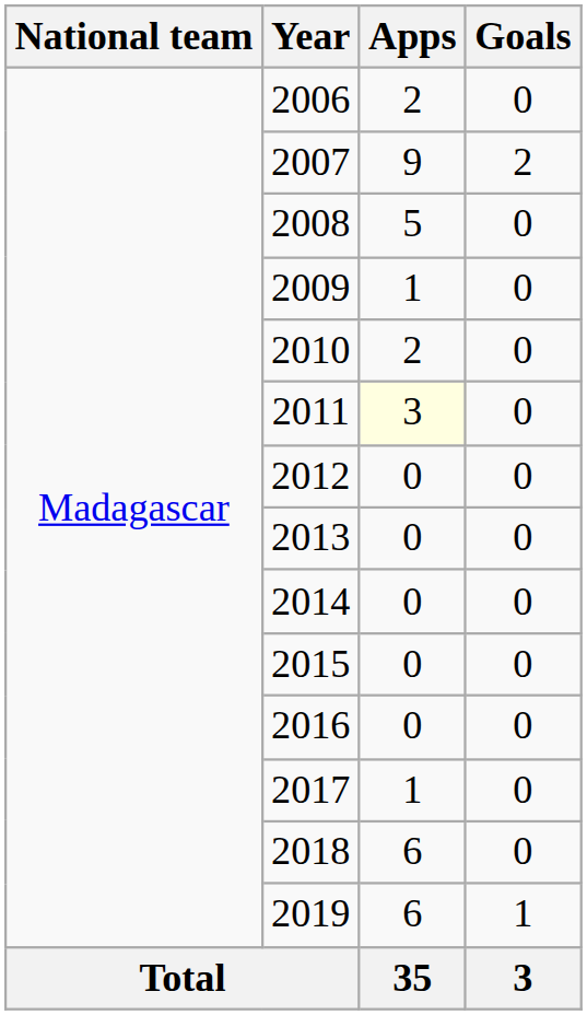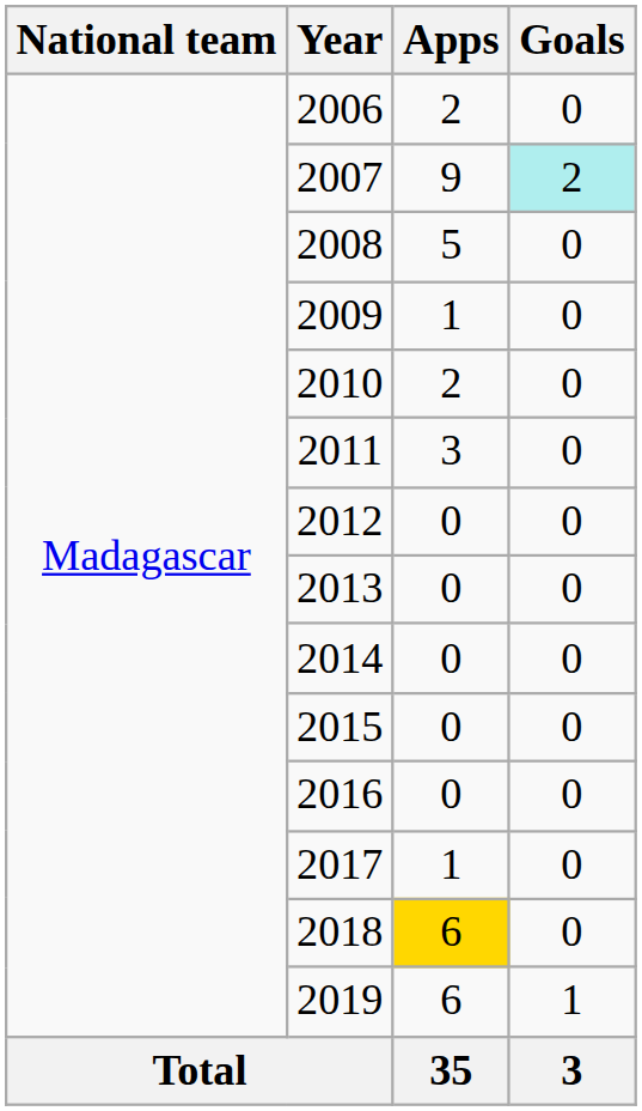 <table class="wikitable" style="text-align:center">
 <tr>
 <th>National team</th>
 <th>Year</th>
 <th>Apps</th>
 <th>Goals</th>
 </tr>
 <tr>
 <td rowspan="14"><a href='#'>Madagascar</a></td>
 <td>2006</td>
 <td>2</td>
 <td>0</td>
 </tr>
 <tr>
 <td>2007</td>
 <td>9</td>
-<td>2</td>
+<td style="background: paleturquoise;">2</td>
 </tr>
 <tr>
 <td>2008</td>
 <td>5</td>
 <td>0</td>
 </tr>
 <tr>
 <td>2009</td>
 <td>1</td>
 <td>0</td>
 </tr>
 <tr>
 <td>2010</td>
 <td>2</td>
 <td>0</td>
 </tr>
 <tr>
 <td>2011</td>
-<td style="background: lightyellow;">3</td>
+<td>3</td>
 <td>0</td>
 </tr>
 <tr>
 <td>2012</td>
 <td>0</td>
 <td>0</td>
 </tr>
 <tr>
 <td>2013</td>
 <td>0</td>
 <td>0</td>
 </tr>
 <tr>
 <td>2014</td>
 <td>0</td>
 <td>0</td>
 </tr>
 <tr>
 <td>2015</td>
 <td>0</td>
 <td>0</td>
 </tr>
 <tr>
 <td>2016</td>
 <td>0</td>
 <td>0</td>
 </tr>
 <tr>
 <td>2017</td>
 <td>1</td>
 <td>0</td>
 </tr>
 <tr>
 <td>2018</td>
-<td>6</td>
+<td style="background: gold;">6</td>
 <td>0</td>
 </tr>
 <tr>
 <td>2019</td>
 <td>6</td>
 <td>1</td>
 </tr>
 <tr>
 <th colspan="2">Total</th>
 <th>35</th>
 <th>3</th>
 </tr>
 </table>
